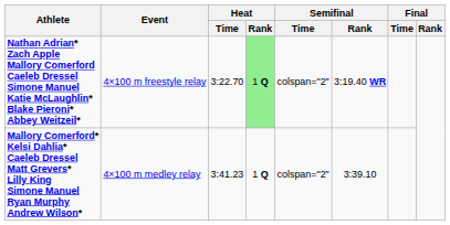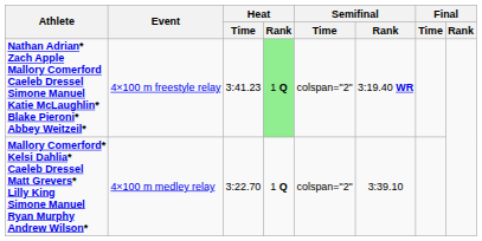 <table class="wikitable" style="font-size:90%;">
 <tr>
 <th rowspan="2">Athlete</th>
 <th rowspan="2">Event</th>
 <th colspan="2">Heat</th>
 <th colspan="2">Semifinal</th>
 <th colspan="2">Final</th>
 </tr>
 <tr>
 <th>Time</th>
 <th>Rank</th>
 <th>Time</th>
 <th>Rank</th>
 <th>Time</th>
 <th>Rank</th>
 </tr>
 <tr align="center">
 <td align="left"><strong><a href='#'>Nathan Adrian</a>*<br><a href='#'>Zach Apple</a><br><a href='#'>Mallory Comerford</a><br><a href='#'>Caeleb Dressel</a><br><a href='#'>Simone Manuel</a><br><a href='#'>Katie McLaughlin</a>*<br><a href='#'>Blake Pieroni</a>*<br><a href='#'>Abbey Weitzeil</a>*</strong></td>
 <td align="left"><a href='#'>4×100 m freestyle relay</a></td>
-<td>3:22.70</td>
+<td>3:41.23</td>
 <td style="background: lightgreen;">1 <strong>Q</strong></td>
 <td>colspan="2" </td>
 <td>3:19.40 <strong><a href='#'>WR</a></strong></td>
 <td></td>
 </tr>
 <tr align="center">
 <td align="left"><strong><a href='#'>Mallory Comerford</a>*<br><a href='#'>Kelsi Dahlia</a>*<br><a href='#'>Caeleb Dressel</a><br><a href='#'>Matt Grevers</a>*<br><a href='#'>Lilly King</a><br><a href='#'>Simone Manuel</a><br><a href='#'>Ryan Murphy</a><br><a href='#'>Andrew Wilson</a>*</strong></td>
 <td align="left"><a href='#'>4×100 m medley relay</a></td>
-<td>3:41.23</td>
+<td>3:22.70</td>
 <td>1 <strong>Q</strong></td>
 <td>colspan="2" </td>
 <td>3:39.10</td>
 <td></td>
 </tr>
 </table>
